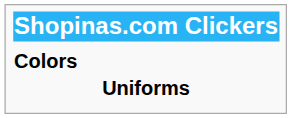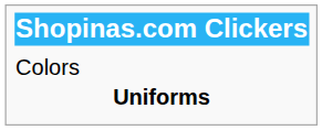 <table class="infobox">
 <tr>
 <th colspan=2 style="text-align:center; background:#28b3f4; color:white;"><big>Shopinas.com Clickers</big></th>
 </tr>
 <tr>
 <td align=center colspan=2></td>
 </tr>
 <tr>
-<td><strong>Colors</strong></td>
+<td>Colors</td>
 <td>  </td>
 </tr>
 <tr>
 <th colspan=2>Uniforms</th>
 </tr>
 <tr>
 <td></td>
 <td></td>
 </tr>
 </table>
